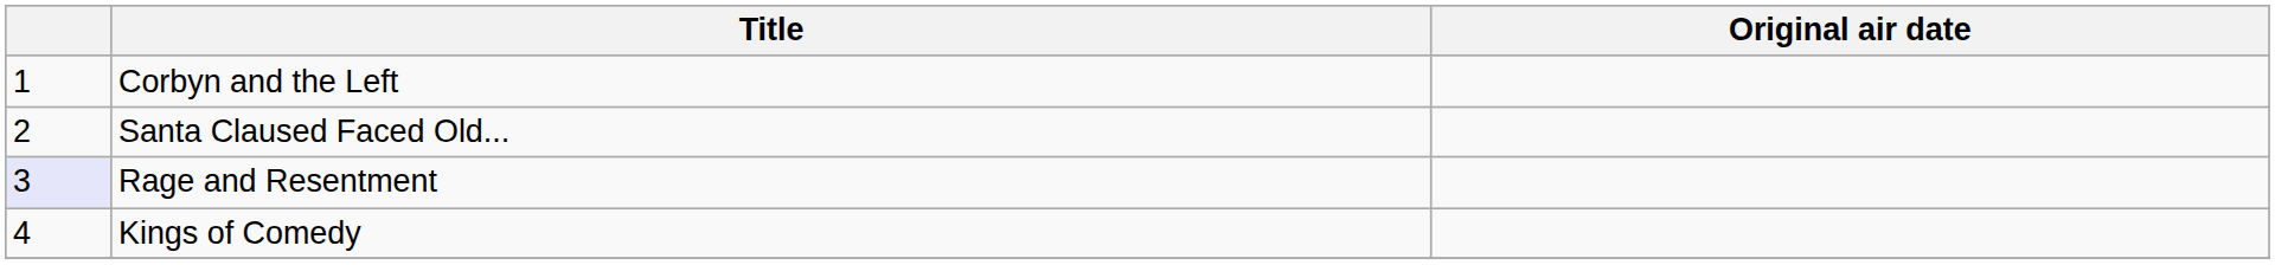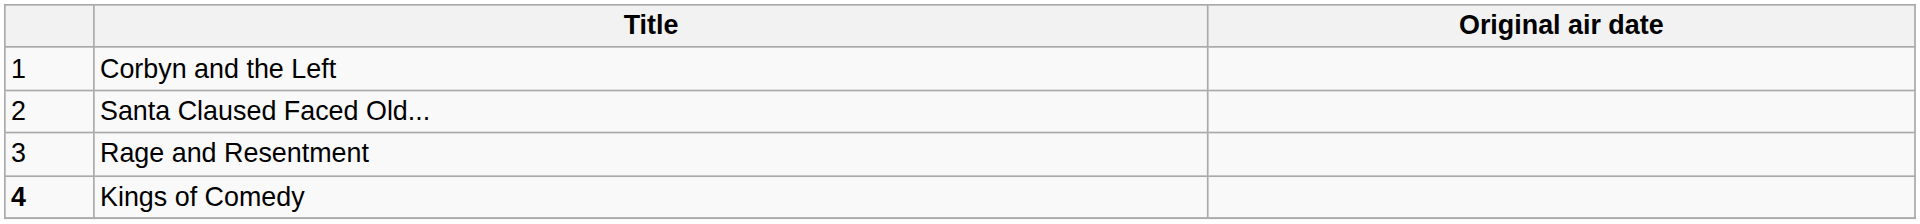 <table class="wikitable sortable" style="width:90%;">
 <tr>
 <th></th>
 <th>Title</th>
 <th>Original air date</th>
 </tr>
 <tr>
 <td>1</td>
 <td>Corbyn and the Left</td>
 <td></td>
 </tr>
 <tr>
 <td>2</td>
 <td>Santa Claused Faced Old...</td>
 <td></td>
 </tr>
 <tr>
-<td style="background: lavender;">3</td>
+<td>3</td>
 <td>Rage and Resentment</td>
 <td></td>
 </tr>
 <tr>
-<td>4</td>
+<td><strong>4</strong></td>
 <td>Kings of Comedy</td>
 <td></td>
 </tr>
 <tr>
 </tr>
 </table>
